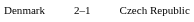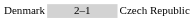 <table style="text-align:center">
 <tr>
 <th width=200></th>
 <th width=100></th>
 <th width=200></th>
 </tr>
 <tr>
 <td align=right>Denmark </td>
-<td>2–1</td>
+<td style="background: lightgrey;">2–1</td>
 <td align=left> Czech Republic</td>
 </tr>
 </table>
